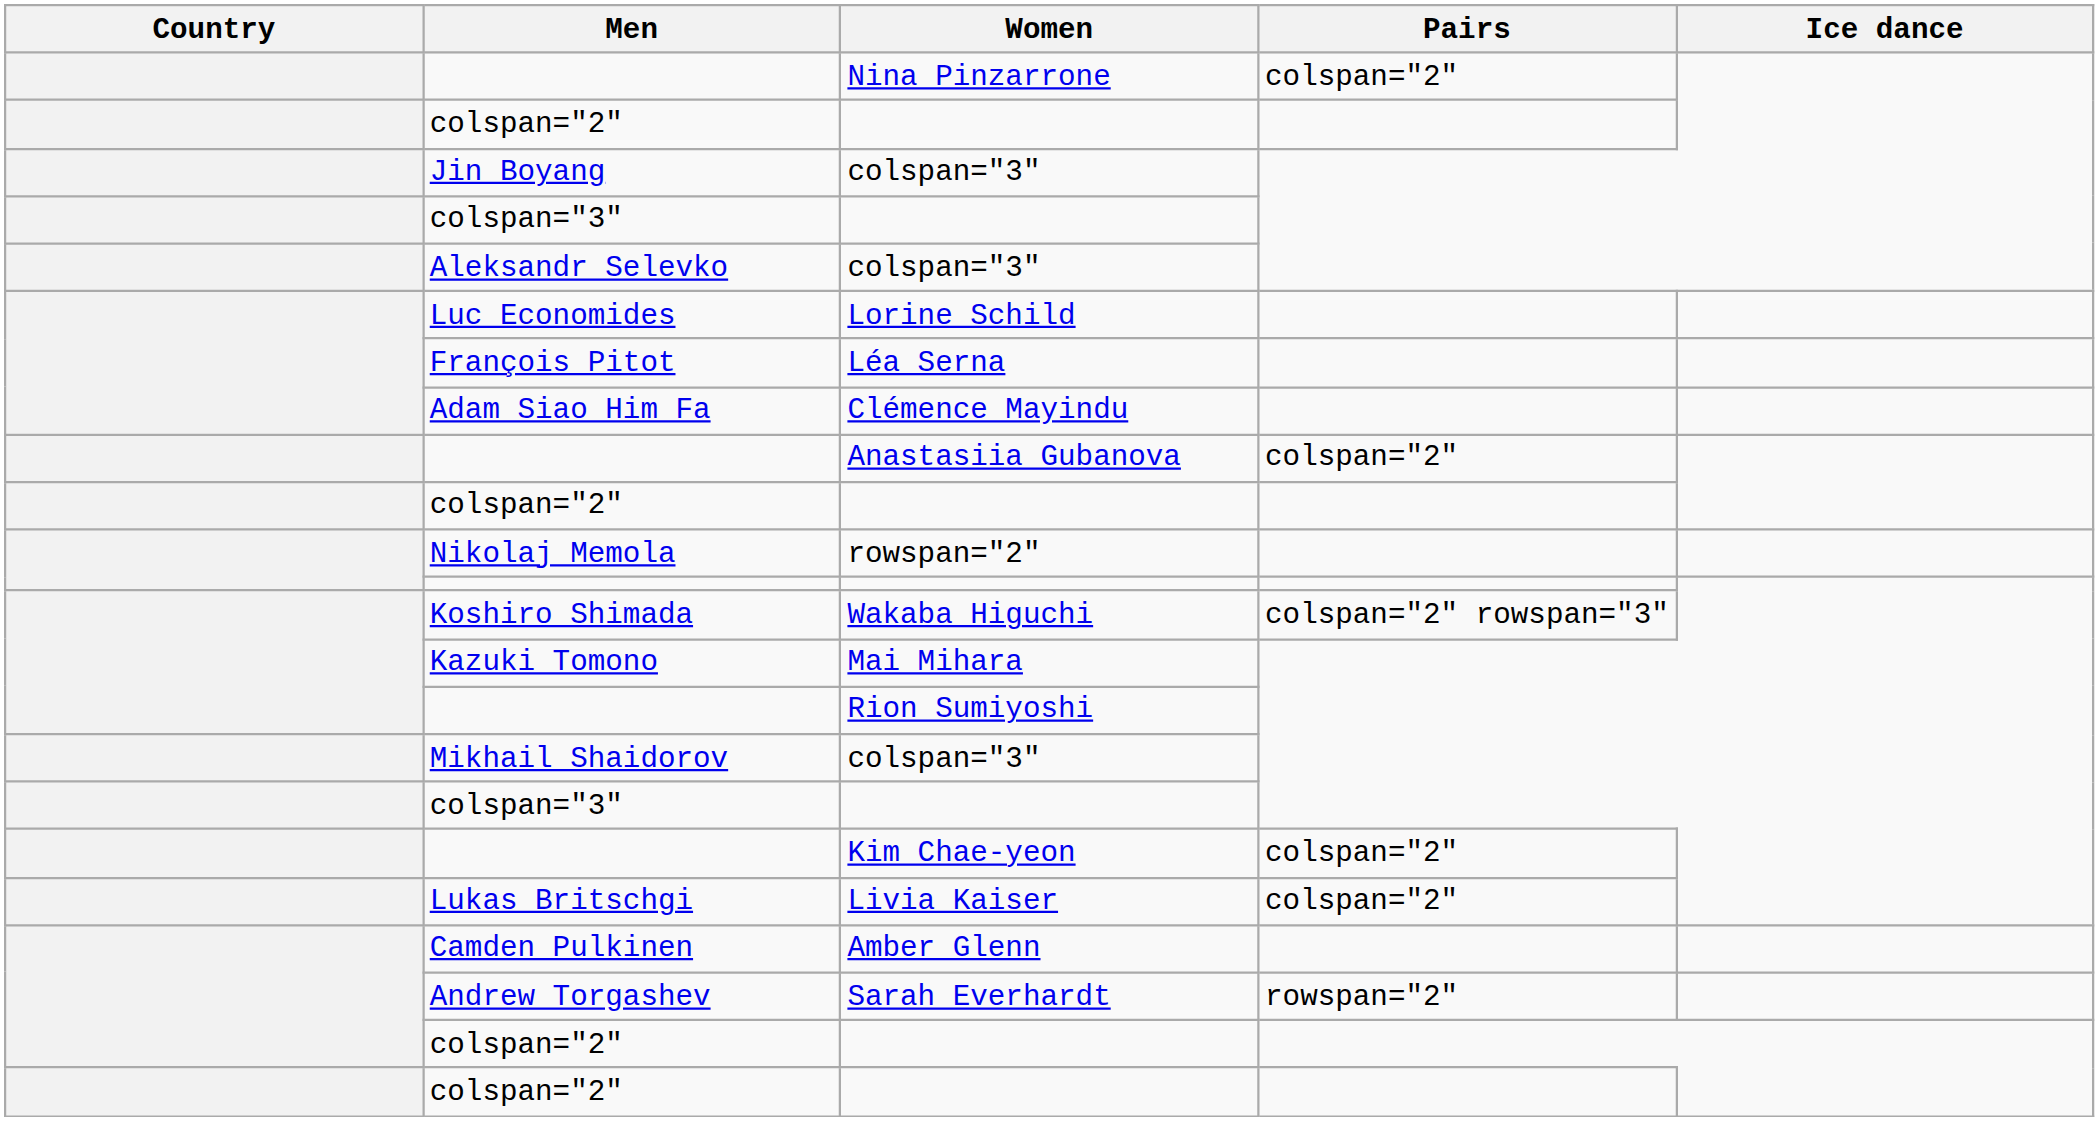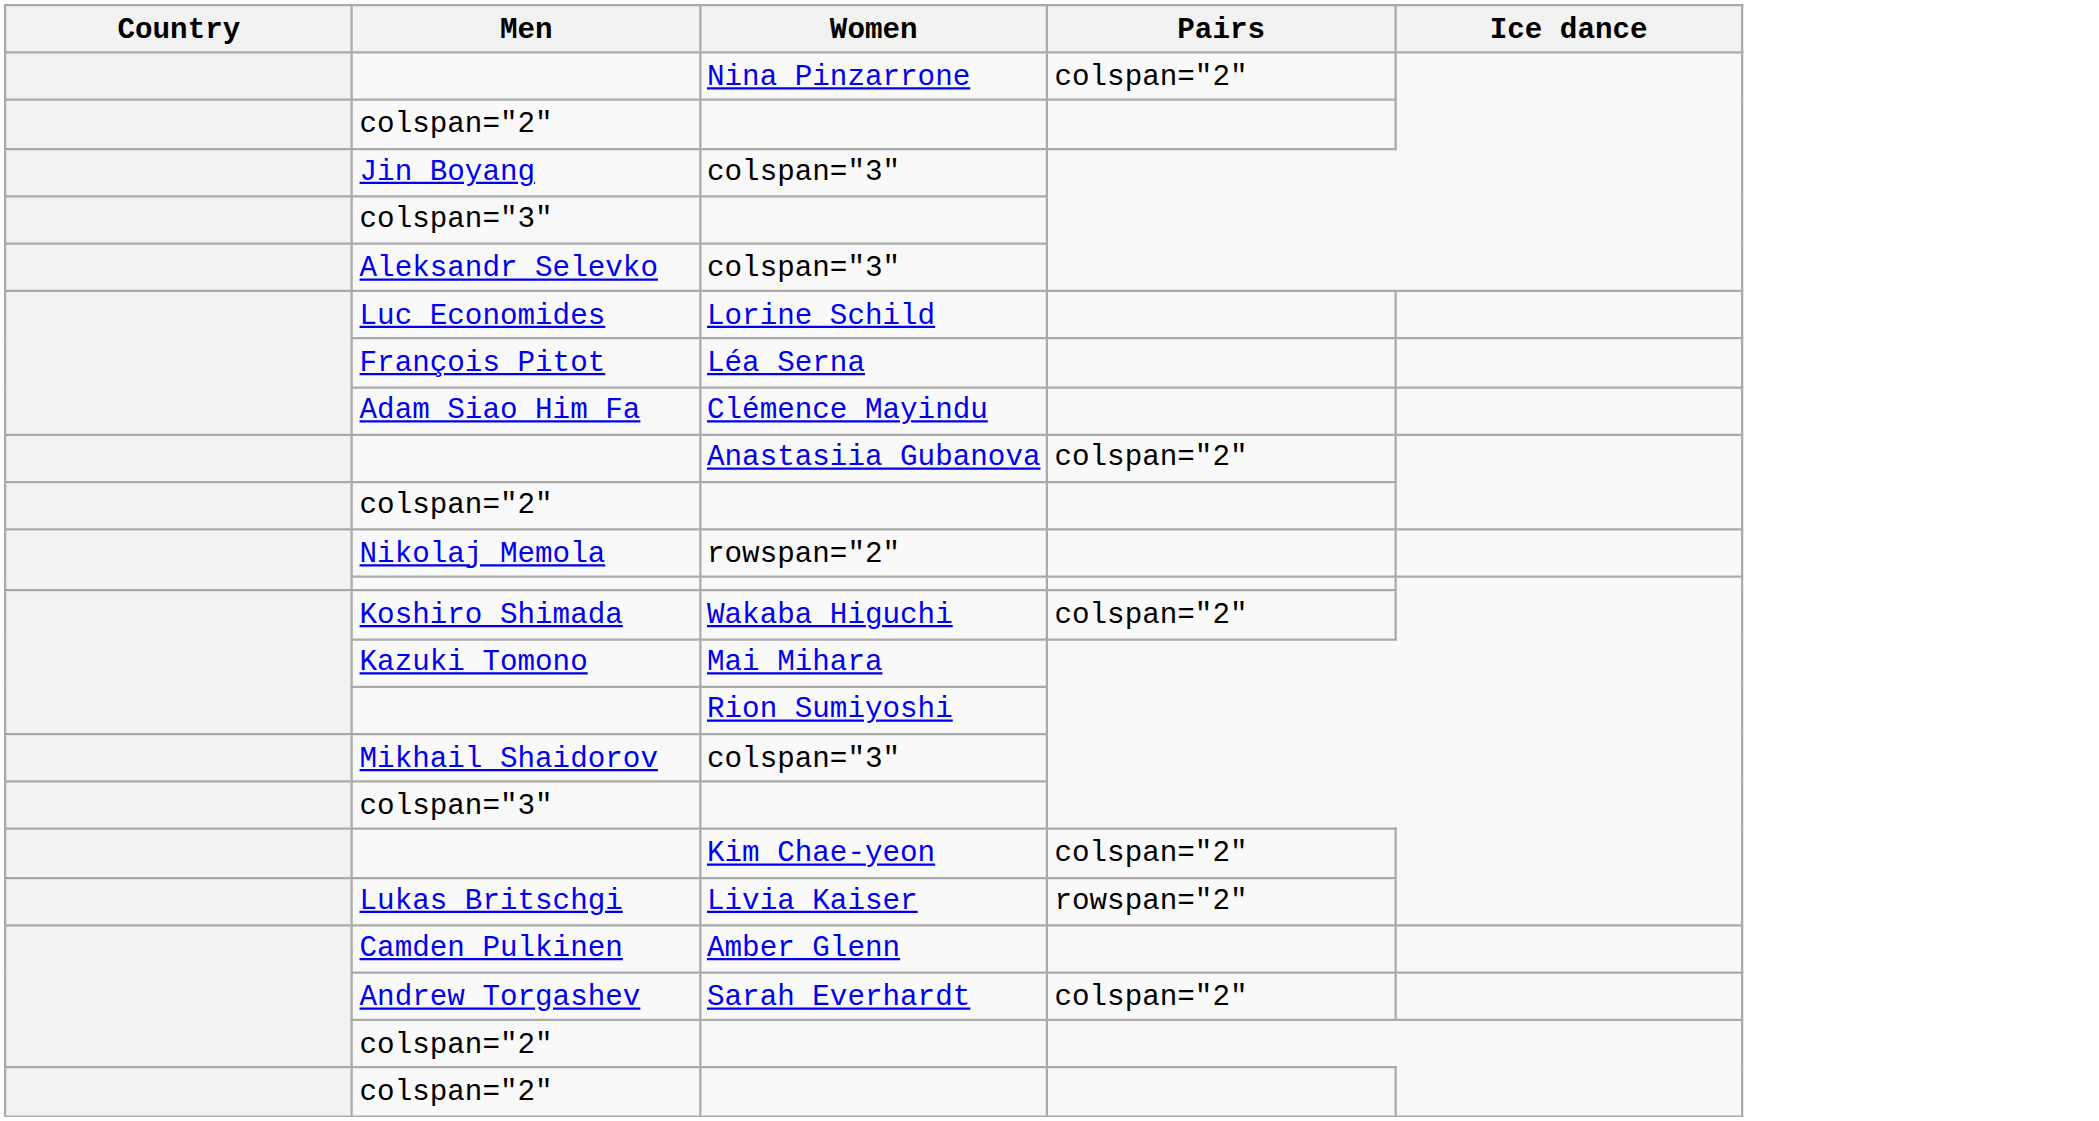 <table class="wikitable unsortable" style="text-align:left;">
 <tr>
 <th scope="col" style="text-align:center; width:20%">Country</th>
 <th scope="col" style="text-align:center; width:20%">Men</th>
 <th scope="col" style="text-align:center; width:20%">Women</th>
 <th scope="col" style="text-align:center; width:20%">Pairs</th>
 <th scope="col" style="text-align:center; width:20%">Ice dance</th>
 </tr>
 <tr>
 <th scope="row" style="text-align:left"></th>
 <td></td>
 <td><a href='#'>Nina Pinzarrone</a></td>
 <td>colspan="2" </td>
 </tr>
 <tr>
 <th scope="row" style="text-align:left"></th>
 <td>colspan="2" </td>
 <td></td>
 <td></td>
 </tr>
 <tr>
 <th scope="row" style="text-align:left"></th>
 <td><a href='#'>Jin Boyang</a></td>
 <td>colspan="3" </td>
 </tr>
 <tr>
 <th scope="row" style="text-align:left"></th>
 <td>colspan="3" </td>
 <td></td>
 </tr>
 <tr>
 <th scope="row" style="text-align:left"></th>
 <td><a href='#'>Aleksandr Selevko</a></td>
 <td>colspan="3" </td>
 </tr>
 <tr>
 <th scope="row" style="text-align:left" rowspan="3"></th>
 <td><a href='#'>Luc Economides</a></td>
 <td><a href='#'>Lorine Schild</a></td>
 <td></td>
 <td></td>
 </tr>
 <tr>
 <td><a href='#'>François Pitot</a></td>
 <td><a href='#'>Léa Serna</a></td>
 <td></td>
 <td></td>
 </tr>
 <tr>
 <td><a href='#'>Adam Siao Him Fa</a></td>
 <td><a href='#'>Clémence Mayindu</a></td>
 <td></td>
 <td></td>
 </tr>
 <tr>
 <th scope="row" style="text-align:left"></th>
 <td></td>
 <td><a href='#'>Anastasiia Gubanova</a></td>
 <td>colspan="2" </td>
 </tr>
 <tr>
 <th scope="row" style="text-align:left"></th>
 <td>colspan="2" </td>
 <td></td>
 <td></td>
 </tr>
 <tr>
 <th scope="row" style="text-align:left" rowspan="2"></th>
 <td><a href='#'>Nikolaj Memola</a></td>
 <td>rowspan="2" </td>
 <td></td>
 <td></td>
 </tr>
 <tr>
 <td></td>
 <td></td>
 <td></td>
 </tr>
 <tr>
 <th scope="row" style="text-align:left" rowspan="3"></th>
 <td><a href='#'>Koshiro Shimada</a></td>
 <td><a href='#'>Wakaba Higuchi</a></td>
-<td>colspan="2" rowspan="3" </td>
+<td>colspan="2" </td>
 </tr>
 <tr>
 <td><a href='#'>Kazuki Tomono</a></td>
 <td><a href='#'>Mai Mihara</a></td>
 </tr>
 <tr>
 <td></td>
 <td><a href='#'>Rion Sumiyoshi</a></td>
 </tr>
 <tr>
 <th scope="row" style="text-align:left"></th>
 <td><a href='#'>Mikhail Shaidorov</a></td>
 <td>colspan="3" </td>
 </tr>
 <tr>
 <th scope="row" style="text-align:left"></th>
 <td>colspan="3" </td>
 <td></td>
 </tr>
 <tr>
 <th scope="row" style="text-align:left"></th>
 <td></td>
 <td><a href='#'>Kim Chae-yeon</a></td>
 <td>colspan="2" </td>
 </tr>
 <tr>
 <th scope="row" style="text-align:left"></th>
 <td><a href='#'>Lukas Britschgi</a></td>
 <td><a href='#'>Livia Kaiser</a></td>
-<td>colspan="2" </td>
+<td>rowspan="2" </td>
 </tr>
 <tr>
 <th scope="row" style="text-align:left" rowspan="3"></th>
 <td><a href='#'>Camden Pulkinen</a></td>
 <td><a href='#'>Amber Glenn</a></td>
 <td></td>
 <td></td>
 </tr>
 <tr>
 <td><a href='#'>Andrew Torgashev</a></td>
 <td><a href='#'>Sarah Everhardt</a></td>
-<td>rowspan="2" </td>
+<td>colspan="2" </td>
 <td></td>
 </tr>
 <tr>
 <td>colspan="2" </td>
 <td></td>
 </tr>
 <tr>
 <th scope="row" style="text-align:left"></th>
 <td>colspan="2" </td>
 <td></td>
 <td></td>
 </tr>
 </table>
